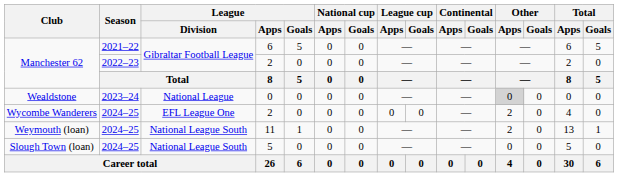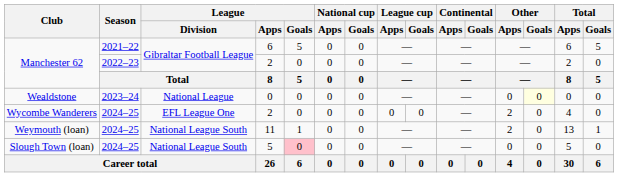 <table class="wikitable" style="text-align: center;">
 <tr>
 <th rowspan="2">Club</th>
 <th rowspan="2">Season</th>
 <th colspan="3">League</th>
 <th colspan="2">National cup</th>
 <th colspan="2">League cup</th>
 <th colspan="2">Continental</th>
 <th colspan="2">Other</th>
 <th colspan="2">Total</th>
 </tr>
 <tr>
 <th>Division</th>
 <th>Apps</th>
 <th>Goals</th>
 <th>Apps</th>
 <th>Goals</th>
 <th>Apps</th>
 <th>Goals</th>
 <th>Apps</th>
 <th>Goals</th>
 <th>Apps</th>
 <th>Goals</th>
 <th>Apps</th>
 <th>Goals</th>
 </tr>
 <tr>
 <td rowspan="3"><a href='#'>Manchester 62</a></td>
 <td><a href='#'>2021–22</a></td>
 <td rowspan="2"><a href='#'>Gibraltar Football League</a></td>
 <td>6</td>
 <td>5</td>
 <td>0</td>
 <td>0</td>
 <td colspan="2">—</td>
 <td colspan="2">—</td>
 <td colspan="2">—</td>
 <td>6</td>
 <td>5</td>
 </tr>
 <tr>
 <td><a href='#'>2022–23</a></td>
 <td>2</td>
 <td>0</td>
 <td>0</td>
 <td>0</td>
 <td colspan="2">—</td>
 <td colspan="2">—</td>
 <td colspan="2">—</td>
 <td>2</td>
 <td>0</td>
 </tr>
 <tr>
 <th colspan="2">Total</th>
 <th>8</th>
 <th>5</th>
 <th>0</th>
 <th>0</th>
 <th colspan="2">—</th>
 <th colspan="2">—</th>
 <th colspan="2">—</th>
 <th>8</th>
 <th>5</th>
 </tr>
 <tr>
 <td><a href='#'>Wealdstone</a></td>
 <td><a href='#'>2023–24</a></td>
 <td><a href='#'>National League</a></td>
 <td>0</td>
 <td>0</td>
 <td>0</td>
 <td>0</td>
 <td colspan="2">—</td>
 <td colspan="2">—</td>
-<td style="background: lightgrey;">0</td>
 <td>0</td>
+<td style="background: lightyellow;">0</td>
 <td>0</td>
 <td>0</td>
 </tr>
 <tr>
 <td><a href='#'>Wycombe Wanderers</a></td>
 <td><a href='#'>2024–25</a></td>
 <td><a href='#'>EFL League One</a></td>
 <td>2</td>
 <td>0</td>
 <td>0</td>
 <td>0</td>
 <td>0</td>
 <td>0</td>
 <td colspan="2">—</td>
 <td>2</td>
 <td>0</td>
 <td>4</td>
 <td>0</td>
 </tr>
 <tr>
 <td><a href='#'>Weymouth</a> (loan)</td>
 <td><a href='#'>2024–25</a></td>
 <td><a href='#'>National League South</a></td>
 <td>11</td>
 <td>1</td>
 <td>0</td>
 <td>0</td>
 <td colspan="2">—</td>
 <td colspan="2">—</td>
 <td>2</td>
 <td>0</td>
 <td>13</td>
 <td>1</td>
 </tr>
 <tr>
 <td><a href='#'>Slough Town</a> (loan)</td>
 <td><a href='#'>2024–25</a></td>
 <td><a href='#'>National League South</a></td>
 <td>5</td>
-<td>0</td>
+<td style="background: pink;">0</td>
 <td>0</td>
 <td>0</td>
 <td colspan="2">—</td>
 <td colspan="2">—</td>
 <td>0</td>
 <td>0</td>
 <td>5</td>
 <td>0</td>
 </tr>
 <tr>
 <th colspan="3">Career total</th>
 <th>26</th>
 <th>6</th>
 <th>0</th>
 <th>0</th>
 <th>0</th>
 <th>0</th>
 <th>0</th>
 <th>0</th>
 <th>4</th>
 <th>0</th>
 <th>30</th>
 <th>6</th>
 </tr>
 </table>
